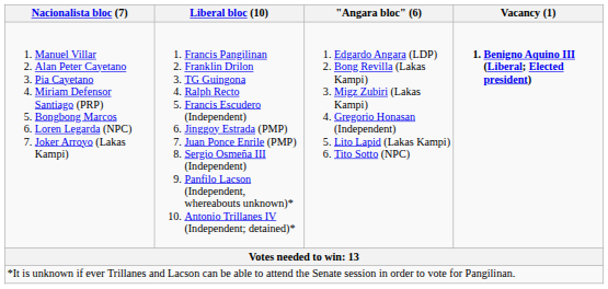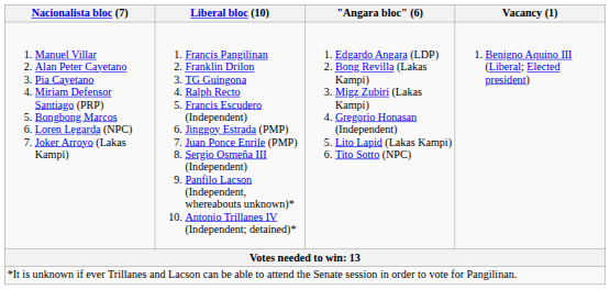 <table class=wikitable>
 <tr>
 <th><a href='#'>Nacionalista bloc</a> (7)</th>
 <th><a href='#'>Liberal bloc</a> (10)</th>
 <th>"Angara bloc" (6)</th>
 <th>Vacancy (1)</th>
 </tr>
 <tr valign=top>
 <td width=25%><br><ol><li><a href='#'>Manuel Villar</a></li><li><a href='#'>Alan Peter Cayetano</a></li><li><a href='#'>Pia Cayetano</a></li><li><a href='#'>Miriam Defensor Santiago</a> (PRP)</li><li><a href='#'>Bongbong Marcos</a></li><li><a href='#'>Loren Legarda</a> (NPC)</li><li><a href='#'>Joker Arroyo</a> (Lakas Kampi)</li></ol></td>
 <td width=25%><br><ol><li><a href='#'>Francis Pangilinan</a></li><li><a href='#'>Franklin Drilon</a></li><li><a href='#'>TG Guingona</a></li><li><a href='#'>Ralph Recto</a></li><li><a href='#'>Francis Escudero</a> (Independent)</li><li><a href='#'>Jinggoy Estrada</a> (PMP)</li><li><a href='#'>Juan Ponce Enrile</a> (PMP)</li><li><a href='#'>Sergio Osmeña III</a> (Independent)</li><li><a href='#'>Panfilo Lacson</a> (Independent, whereabouts unknown)*</li><li><a href='#'>Antonio Trillanes IV</a> (Independent; detained)*</li></ol></td>
 <td width=25%><br><ol><li><a href='#'>Edgardo Angara</a> (LDP)</li><li><a href='#'>Bong Revilla</a> (Lakas Kampi)</li><li><a href='#'>Migz Zubiri</a> (Lakas Kampi)</li><li><a href='#'>Gregorio Honasan</a> (Independent)</li><li><a href='#'>Lito Lapid</a> (Lakas Kampi)</li><li><a href='#'>Tito Sotto</a> (NPC)</li></ol></td>
-<td width=25%><strong><br><ol><li><a href='#'>Benigno Aquino III</a> (<a href='#'>Liberal</a>; <a href='#'>Elected president</a>)</li></ol></strong></td>
+<td width=25%><br><ol><li><a href='#'>Benigno Aquino III</a> (<a href='#'>Liberal</a>; <a href='#'>Elected president</a>)</li></ol></td>
 </tr>
 <tr>
 <th colspan=4>Votes needed to win: 13</th>
 </tr>
 <tr>
 <td colspan=4>*It is unknown if ever Trillanes and Lacson can be able to attend the Senate session in order to vote for Pangilinan.</td>
 </tr>
 </table>
